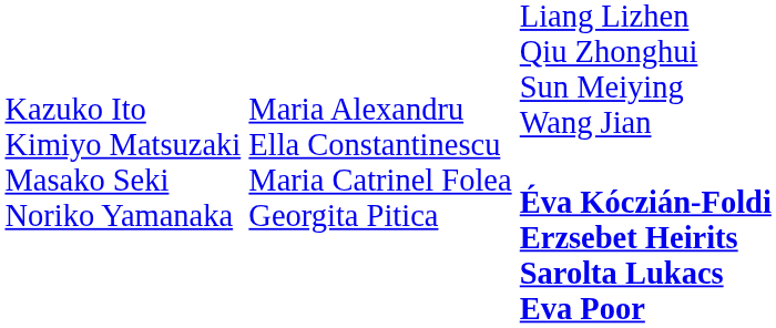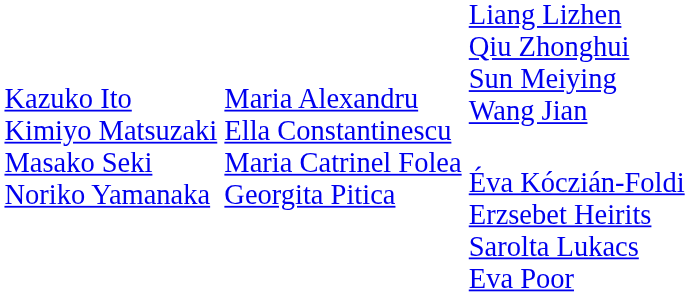 <table>
 <tr>
 <td rowspan=2></td>
 <td rowspan=2><br><a href='#'>Kazuko Ito</a><br><a href='#'>Kimiyo Matsuzaki</a><br><a href='#'>Masako Seki</a><br><a href='#'>Noriko Yamanaka</a></td>
 <td rowspan=2><br><a href='#'>Maria Alexandru</a><br><a href='#'>Ella Constantinescu</a><br><a href='#'>Maria Catrinel Folea</a><br><a href='#'>Georgita Pitica</a></td>
 <td><br><a href='#'>Liang Lizhen</a><br><a href='#'>Qiu Zhonghui</a><br><a href='#'>Sun Meiying</a><br><a href='#'>Wang Jian</a></td>
 </tr>
 <tr>
-<td><strong><br><a href='#'>Éva Kóczián-Foldi</a><br><a href='#'>Erzsebet Heirits</a><br><a href='#'>Sarolta Lukacs</a><br><a href='#'>Eva Poor</a></strong></td>
+<td><br><a href='#'>Éva Kóczián-Foldi</a><br><a href='#'>Erzsebet Heirits</a><br><a href='#'>Sarolta Lukacs</a><br><a href='#'>Eva Poor</a></td>
 </tr>
 </table>
